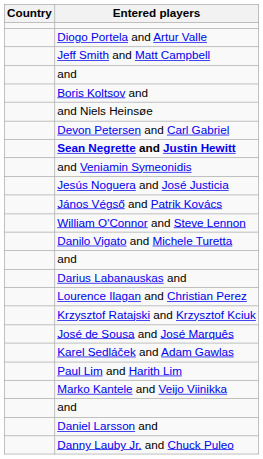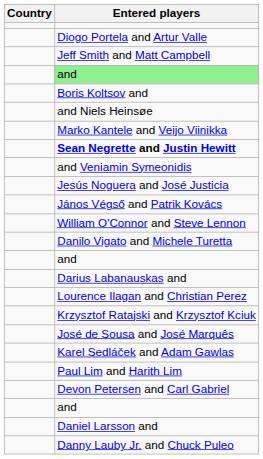 <table class="wikitable">
 <tr>
 <th>Country</th>
 <th>Entered players</th>
 </tr>
 <tr>
 <td></td>
 <td></td>
 </tr>
 <tr>
 <td></td>
 <td><a href='#'>Diogo Portela</a> and <a href='#'>Artur Valle</a></td>
 </tr>
 <tr>
 <td></td>
 <td><a href='#'>Jeff Smith</a> and <a href='#'>Matt Campbell</a></td>
 </tr>
 <tr>
 <td></td>
-<td> and </td>
+<td style="background: lightgreen;"> and </td>
 </tr>
 <tr>
 <td></td>
 <td><a href='#'>Boris Koltsov</a> and </td>
 </tr>
 <tr>
 <td></td>
 <td> and Niels Heinsøe</td>
 </tr>
 <tr>
 <td></td>
-<td><a href='#'>Devon Petersen</a> and <a href='#'>Carl Gabriel</a></td>
+<td><a href='#'>Marko Kantele</a> and <a href='#'>Veijo Viinikka</a></td>
 </tr>
 <tr>
 <td></td>
 <td><strong><a href='#'>Sean Negrette</a> and <a href='#'>Justin Hewitt</a></strong></td>
 </tr>
 <tr>
 <td></td>
 <td> and <a href='#'>Veniamin Symeonidis</a></td>
 </tr>
 <tr>
 <td></td>
 <td><a href='#'>Jesús Noguera</a> and <a href='#'>José Justicia</a></td>
 </tr>
 <tr>
 <td></td>
 <td><a href='#'>János Végső</a> and <a href='#'>Patrik Kovács</a></td>
 </tr>
 <tr>
 <td></td>
 <td><a href='#'>William O'Connor</a> and <a href='#'>Steve Lennon</a></td>
 </tr>
 <tr>
 <td></td>
 <td><a href='#'>Danilo Vigato</a> and <a href='#'>Michele Turetta</a></td>
 </tr>
 <tr>
 <td></td>
 <td> and </td>
 </tr>
 <tr>
 <td></td>
 <td><a href='#'>Darius Labanauskas</a> and </td>
 </tr>
 <tr>
 <td></td>
 <td><a href='#'>Lourence Ilagan</a> and <a href='#'>Christian Perez</a></td>
 </tr>
 <tr>
 <td></td>
 <td><a href='#'>Krzysztof Ratajski</a> and <a href='#'>Krzysztof Kciuk</a></td>
 </tr>
 <tr>
 <td></td>
 <td><a href='#'>José de Sousa</a> and <a href='#'>José Marquês</a></td>
 </tr>
 <tr>
 <td></td>
 <td><a href='#'>Karel Sedláček</a> and <a href='#'>Adam Gawlas</a></td>
 </tr>
 <tr>
 <td></td>
 <td><a href='#'>Paul Lim</a> and <a href='#'>Harith Lim</a></td>
 </tr>
 <tr>
 <td></td>
-<td><a href='#'>Marko Kantele</a> and <a href='#'>Veijo Viinikka</a></td>
+<td><a href='#'>Devon Petersen</a> and <a href='#'>Carl Gabriel</a></td>
 </tr>
 <tr>
 <td></td>
 <td> and </td>
 </tr>
 <tr>
 <td></td>
 <td><a href='#'>Daniel Larsson</a> and </td>
 </tr>
 <tr>
 <td></td>
 <td><a href='#'>Danny Lauby Jr.</a> and <a href='#'>Chuck Puleo</a></td>
 </tr>
 </table>
